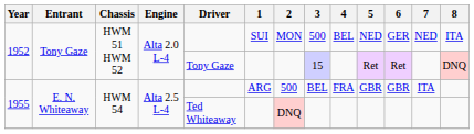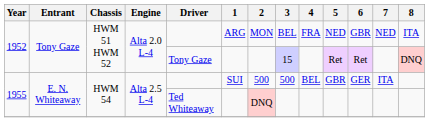 <table class="wikitable" style="text-align:center; font-size:90%">
 <tr>
 <th>Year</th>
 <th>Entrant</th>
 <th>Chassis</th>
 <th>Engine</th>
 <th>Driver</th>
 <th>1</th>
 <th>2</th>
 <th>3</th>
 <th>4</th>
 <th>5</th>
 <th>6</th>
 <th>7</th>
 <th>8</th>
 </tr>
 <tr>
 <td rowspan=2><a href='#'>1952</a></td>
 <td rowspan=2><a href='#'>Tony Gaze</a></td>
 <td rowspan=2>HWM 51<br>HWM 52</td>
 <td rowspan=2><a href='#'>Alta</a> 2.0 <a href='#'>L-4</a></td>
 <td></td>
-<td><a href='#'>SUI</a></td>
+<td><a href='#'>ARG</a></td>
 <td><a href='#'>MON</a></td>
-<td><a href='#'>500</a></td>
 <td><a href='#'>BEL</a></td>
+<td><a href='#'>FRA</a></td>
 <td><a href='#'>NED</a></td>
-<td><a href='#'>GER</a></td>
+<td><a href='#'>GBR</a></td>
 <td><a href='#'>NED</a></td>
 <td><a href='#'>ITA</a></td>
 </tr>
 <tr>
 <td align="left"> <a href='#'>Tony Gaze</a></td>
 <td></td>
 <td></td>
 <td style="background:#CFCFFF;">15</td>
 <td></td>
 <td style="background:#EFCFFF;">Ret</td>
 <td style="background:#EFCFFF;">Ret</td>
 <td></td>
 <td style="background:#FFCFCF;">DNQ</td>
 </tr>
 <tr>
 <td rowspan=2><a href='#'>1955</a></td>
 <td rowspan=2><a href='#'>E. N. Whiteaway</a></td>
 <td rowspan=2>HWM 54</td>
 <td rowspan=2><a href='#'>Alta</a> 2.5 <a href='#'>L-4</a></td>
 <td></td>
-<td><a href='#'>ARG</a></td>
+<td><a href='#'>SUI</a></td>
+<td><a href='#'>500</a></td>
 <td><a href='#'>500</a></td>
 <td><a href='#'>BEL</a></td>
-<td><a href='#'>FRA</a></td>
 <td><a href='#'>GBR</a></td>
-<td><a href='#'>GBR</a></td>
+<td><a href='#'>GER</a></td>
 <td><a href='#'>ITA</a></td>
 <td></td>
 </tr>
 <tr>
 <td align=left> <a href='#'>Ted Whiteaway</a></td>
 <td></td>
 <td style="background:#FFCFCF;">DNQ</td>
 <td></td>
 <td></td>
 <td></td>
 <td></td>
 <td></td>
 <td></td>
 </tr>
 <tr>
 </tr>
 </table>
